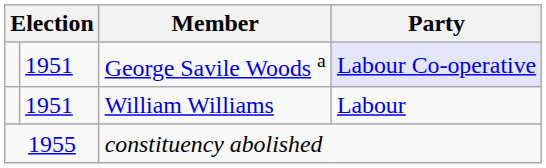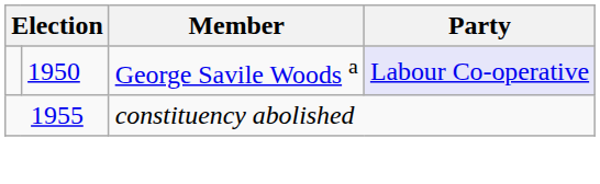 <table class="wikitable">
 <tr>
 <th colspan="2">Election</th>
 <th>Member</th>
 <th>Party</th>
 </tr>
 <tr>
 <td style="color:inherit;background-color: "></td>
-<td><a href='#'>1951</a></td>
+<td><a href='#'>1950</a></td>
 <td><a href='#'>George Savile Woods</a> <sup>a</sup></td>
 <td style="background: lavender;"><a href='#'>Labour Co-operative</a></td>
-</tr>
-<tr>
-<td style="color:inherit;background-color: "></td>
-<td><a href='#'>1951</a></td>
-<td><a href='#'>William Williams</a></td>
-<td><a href='#'>Labour</a></td>
 </tr>
 <tr>
 <td colspan="2" align="center"><a href='#'>1955</a></td>
 <td colspan="2"><em>constituency abolished</em></td>
 </tr>
 </table>
